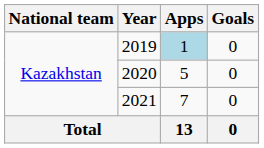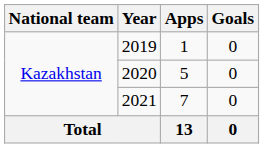 <table class="wikitable" style="text-align:center">
 <tr>
 <th>National team</th>
 <th>Year</th>
 <th>Apps</th>
 <th>Goals</th>
 </tr>
 <tr>
 <td rowspan="3"><a href='#'>Kazakhstan</a></td>
 <td>2019</td>
-<td style="background: lightblue;">1</td>
+<td>1</td>
 <td>0</td>
 </tr>
 <tr>
 <td>2020</td>
 <td>5</td>
 <td>0</td>
 </tr>
 <tr>
 <td>2021</td>
 <td>7</td>
 <td>0</td>
 </tr>
 <tr>
 <th colspan="2">Total</th>
 <th>13</th>
 <th>0</th>
 </tr>
 </table>
